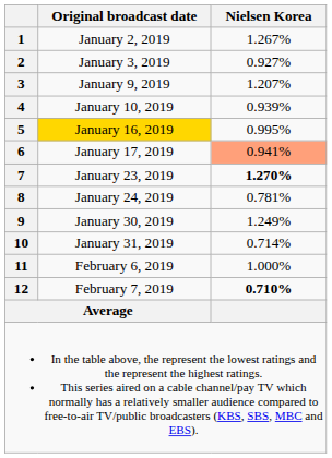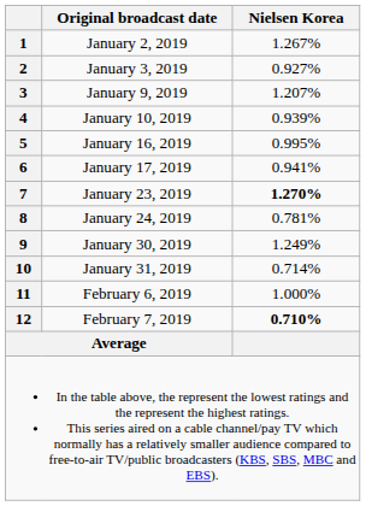 <table class="wikitable"  style="text-align:center; width:360px">
 <tr>
 <th></th>
 <th>Original broadcast date</th>
 <th>Nielsen Korea</th>
 </tr>
 <tr>
 <th>1</th>
 <td>January 2, 2019</td>
 <td>1.267%</td>
 </tr>
 <tr>
 <th>2</th>
 <td>January 3, 2019</td>
 <td>0.927%</td>
 </tr>
 <tr>
 <th>3</th>
 <td>January 9, 2019</td>
 <td>1.207%</td>
 </tr>
 <tr>
 <th>4</th>
 <td>January 10, 2019</td>
 <td>0.939%</td>
 </tr>
 <tr>
 <th>5</th>
-<td style="background: gold;">January 16, 2019</td>
+<td>January 16, 2019</td>
 <td>0.995%</td>
 </tr>
 <tr>
 <th>6</th>
 <td>January 17, 2019</td>
-<td style="background: lightsalmon;">0.941%</td>
+<td>0.941%</td>
 </tr>
 <tr>
 <th>7</th>
 <td>January 23, 2019</td>
 <td><span><strong>1.270%</strong></span></td>
 </tr>
 <tr>
 <th>8</th>
 <td>January 24, 2019</td>
 <td>0.781%</td>
 </tr>
 <tr>
 <th>9</th>
 <td>January 30, 2019</td>
 <td>1.249%</td>
 </tr>
 <tr>
 <th>10</th>
 <td>January 31, 2019</td>
 <td>0.714%</td>
 </tr>
 <tr>
 <th>11</th>
 <td>February 6, 2019</td>
 <td>1.000%</td>
 </tr>
 <tr>
 <th>12</th>
 <td>February 7, 2019</td>
 <td><span><strong>0.710%</strong></span></td>
 </tr>
 <tr>
 <th colspan="2">Average</th>
 <th></th>
 </tr>
 <tr>
 <td colspan="3" style="font-size:85%"><br><ul><li>In the table above, the <strong></strong> represent the lowest ratings and the <strong></strong> represent the highest ratings.</li><li>This series aired on a cable channel/pay TV which normally has a relatively smaller audience compared to free-to-air TV/public broadcasters (<a href='#'>KBS</a>, <a href='#'>SBS</a>, <a href='#'>MBC</a> and <a href='#'>EBS</a>).</li></ul></td>
 </tr>
 </table>
